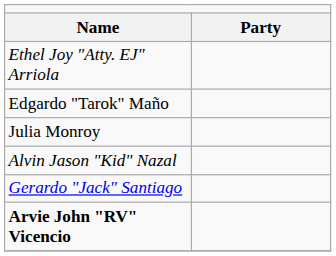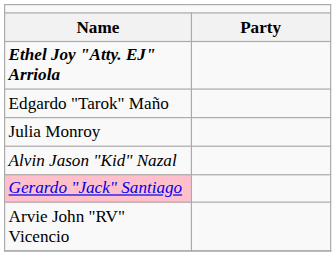 <table class=wikitable style="font-size:90%">
 <tr>
 <td colspan=4 bgcolor=></td>
 </tr>
 <tr>
 <th width=150px>Name</th>
 <th colspan=2 width=110px>Party</th>
 </tr>
 <tr>
-<td><em>Ethel Joy "Atty. EJ" Arriola</em></td>
+<td><strong><em>Ethel Joy "Atty. EJ" Arriola</em></strong></td>
 <td></td>
 </tr>
 <tr>
 <td>Edgardo "Tarok" Maño</td>
 <td></td>
 </tr>
 <tr>
 <td>Julia Monroy</td>
 <td></td>
 </tr>
 <tr>
 <td><em>Alvin Jason "Kid" Nazal</em></td>
 <td></td>
 </tr>
 <tr>
-<td><em><a href='#'>Gerardo "Jack" Santiago</a></em></td>
+<td style="background: pink;"><em><a href='#'>Gerardo "Jack" Santiago</a></em></td>
 <td></td>
 </tr>
 <tr>
-<td><strong>Arvie John "RV" Vicencio</strong></td>
+<td>Arvie John "RV" Vicencio</td>
 <td></td>
 </tr>
 <tr>
 </tr>
 </table>
